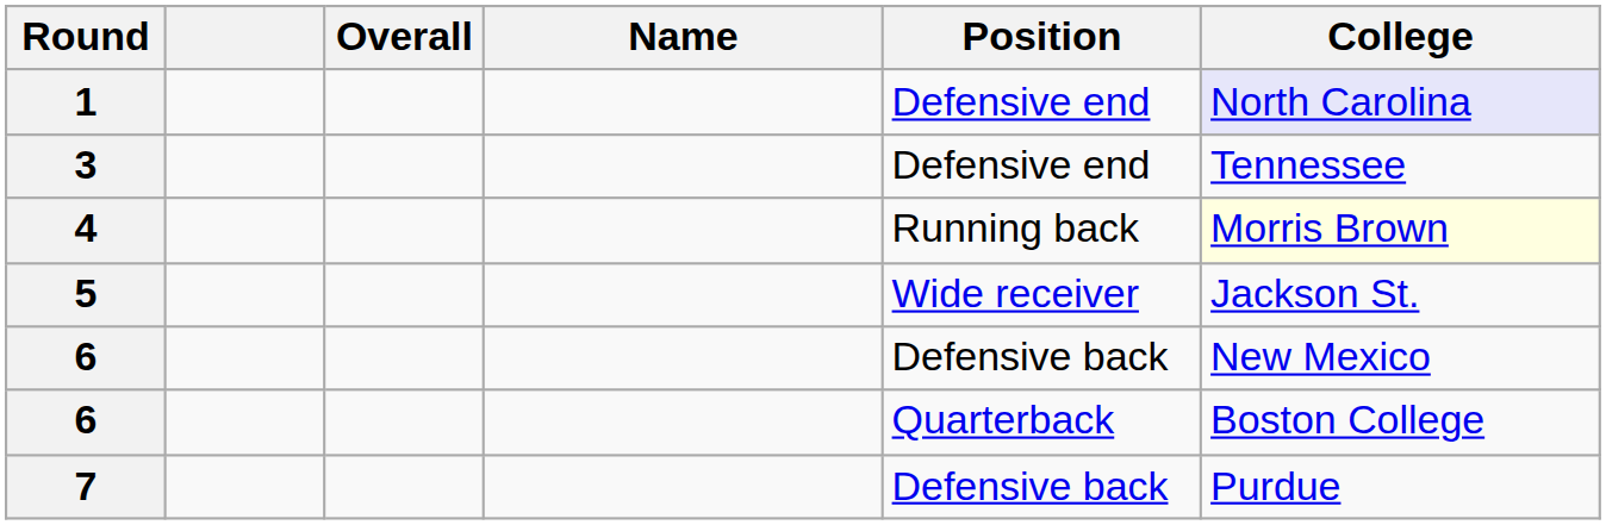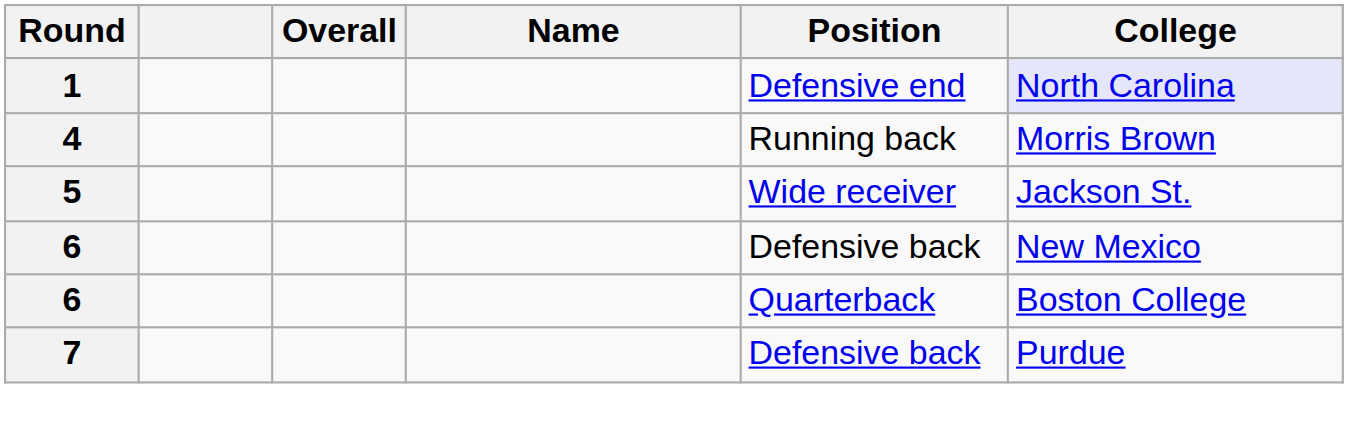 <table class="wikitable sortable" style="width: 50%;">
 <tr>
 <th scope="col" style="width: 10%;">Round</th>
 <th scope="col" style="width: 10%;"></th>
 <th scope="col" style="width: 10%;">Overall</th>
 <th scope="col" style="width: 25%;">Name</th>
 <th scope="col" style="width: 20%;">Position</th>
 <th scope="col" style="width: 25%;">College</th>
 </tr>
 <tr>
 <th scope="row">1</th>
 <td></td>
 <td></td>
 <td></td>
 <td><a href='#'>Defensive end</a></td>
 <td style="background: lavender;"><a href='#'>North Carolina</a></td>
 </tr>
 <tr>
-<th scope="row">3</th>
-<td></td>
-<td></td>
-<td></td>
-<td>Defensive end</td>
-<td><a href='#'>Tennessee</a></td>
-</tr>
-<tr>
 <th scope="row">4</th>
 <td></td>
 <td></td>
 <td></td>
 <td>Running back</td>
-<td style="background: lightyellow;"><a href='#'>Morris Brown</a></td>
+<td><a href='#'>Morris Brown</a></td>
 </tr>
 <tr>
 <th scope="row">5</th>
 <td></td>
 <td></td>
 <td></td>
 <td><a href='#'>Wide receiver</a></td>
 <td><a href='#'>Jackson St.</a></td>
 </tr>
 <tr>
 <th scope="row">6</th>
 <td></td>
 <td></td>
 <td></td>
 <td>Defensive back</td>
 <td><a href='#'>New Mexico</a></td>
 </tr>
 <tr>
 <th scope="row">6</th>
 <td></td>
 <td></td>
 <td></td>
 <td><a href='#'>Quarterback</a></td>
 <td><a href='#'>Boston College</a></td>
 </tr>
 <tr>
 <th scope="row">7</th>
 <td></td>
 <td></td>
 <td></td>
 <td><a href='#'>Defensive back</a></td>
 <td><a href='#'>Purdue</a></td>
 </tr>
 </table>
